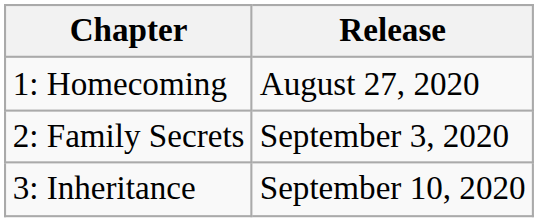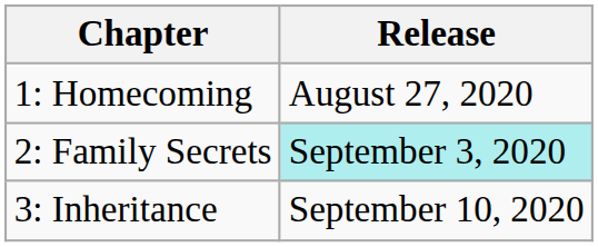 <table class="wikitable">
 <tr>
 <th>Chapter</th>
 <th>Release</th>
 </tr>
 <tr>
 <td>1: Homecoming</td>
 <td>August 27, 2020</td>
 </tr>
 <tr>
 <td>2: Family Secrets</td>
-<td>September 3, 2020</td>
+<td style="background: paleturquoise;">September 3, 2020</td>
 </tr>
 <tr>
 <td>3: Inheritance</td>
 <td>September 10, 2020</td>
 </tr>
 </table>
